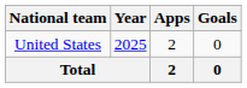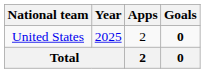 <table class="wikitable" style="text-align:center">
 <tr>
 <th>National team</th>
 <th>Year</th>
 <th>Apps</th>
 <th>Goals</th>
 </tr>
 <tr>
 <td><a href='#'>United States</a></td>
 <td><a href='#'>2025</a></td>
 <td>2</td>
-<td>0</td>
+<td><strong>0</strong></td>
 </tr>
 <tr>
 <th colspan="2">Total</th>
 <th>2</th>
 <th>0</th>
 </tr>
 </table>
